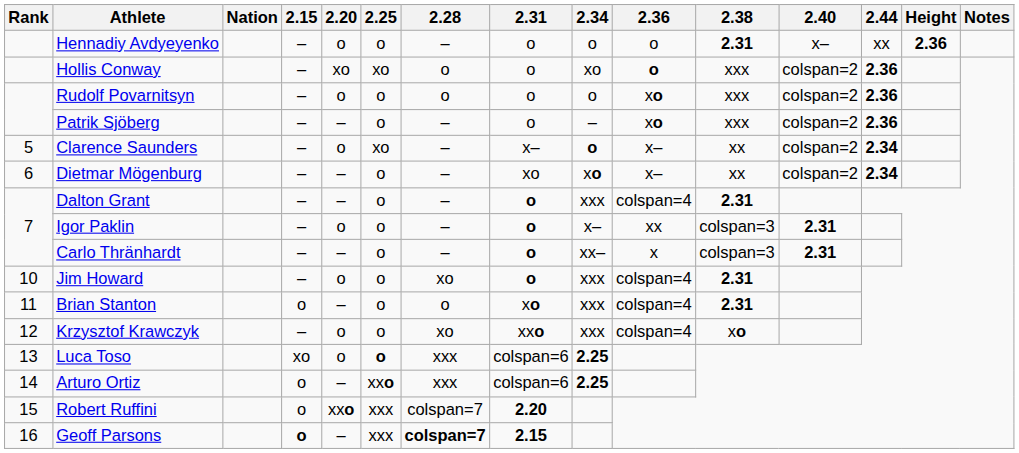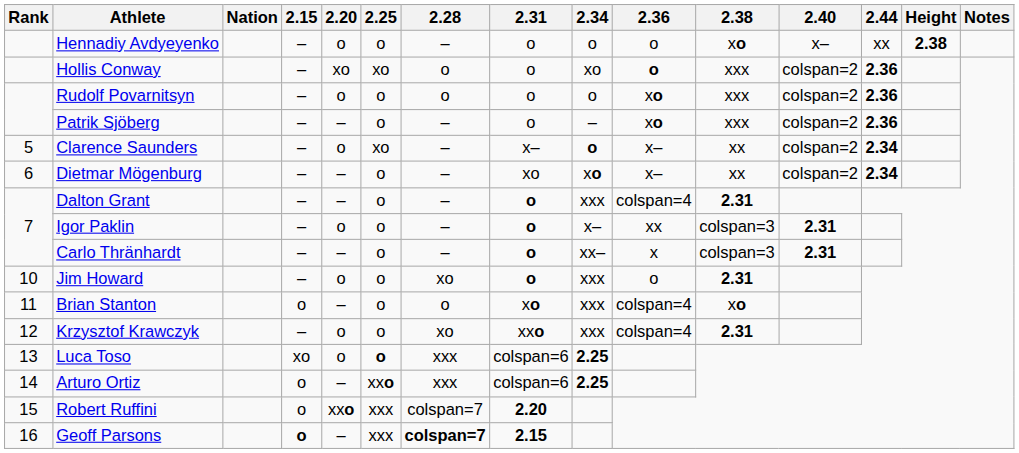 <table class="wikitable sortable" style="text-align:center">
 <tr>
 <th>Rank</th>
 <th>Athlete</th>
 <th>Nation</th>
 <th>2.15</th>
 <th>2.20</th>
 <th>2.25</th>
 <th>2.28</th>
 <th>2.31</th>
 <th>2.34</th>
 <th>2.36</th>
 <th>2.38</th>
 <th>2.40</th>
 <th>2.44</th>
 <th>Height</th>
 <th>Notes</th>
 </tr>
 <tr>
 <td></td>
 <td align="left"><a href='#'>Hennadiy Avdyeyenko</a></td>
 <td align=left></td>
 <td>–</td>
 <td>o</td>
 <td>o</td>
 <td>–</td>
 <td>o</td>
 <td>o</td>
 <td>o</td>
-<td><strong>2.31</strong></td>
+<td>x<strong>o</strong></td>
 <td>x–</td>
 <td>xx</td>
-<td><strong>2.36</strong></td>
+<td><strong>2.38</strong></td>
 <td></td>
 </tr>
 <tr>
 <td></td>
 <td align="left"><a href='#'>Hollis Conway</a></td>
 <td align=left></td>
 <td>–</td>
 <td>xo</td>
 <td>xo</td>
 <td>o</td>
 <td>o</td>
 <td>xo</td>
 <td><strong>o</strong></td>
 <td>xxx</td>
 <td>colspan=2 </td>
 <td><strong>2.36</strong></td>
 <td></td>
 </tr>
 <tr>
 <td rowspan=2></td>
 <td align="left"><a href='#'>Rudolf Povarnitsyn</a></td>
 <td align=left></td>
 <td>–</td>
 <td>o</td>
 <td>o</td>
 <td>o</td>
 <td>o</td>
 <td>o</td>
 <td>x<strong>o</strong></td>
 <td>xxx</td>
 <td>colspan=2 </td>
 <td><strong>2.36</strong></td>
 <td></td>
 </tr>
 <tr>
 <td align="left"><a href='#'>Patrik Sjöberg</a></td>
 <td align=left></td>
 <td>–</td>
 <td>–</td>
 <td>o</td>
 <td>–</td>
 <td>o</td>
 <td>–</td>
 <td>x<strong>o</strong></td>
 <td>xxx</td>
 <td>colspan=2 </td>
 <td><strong>2.36</strong></td>
 <td></td>
 </tr>
 <tr>
 <td>5</td>
 <td align="left"><a href='#'>Clarence Saunders</a></td>
 <td align=left></td>
 <td>–</td>
 <td>o</td>
 <td>xo</td>
 <td>–</td>
 <td>x–</td>
 <td><strong>o</strong></td>
 <td>x–</td>
 <td>xx</td>
 <td>colspan=2 </td>
 <td><strong>2.34</strong></td>
 <td></td>
 </tr>
 <tr>
 <td>6</td>
 <td align="left"><a href='#'>Dietmar Mögenburg</a></td>
 <td align=left></td>
 <td>–</td>
 <td>–</td>
 <td>o</td>
 <td>–</td>
 <td>xo</td>
 <td>x<strong>o</strong></td>
 <td>x–</td>
 <td>xx</td>
 <td>colspan=2 </td>
 <td><strong>2.34</strong></td>
 <td></td>
 </tr>
 <tr>
 <td rowspan=3>7</td>
 <td align="left"><a href='#'>Dalton Grant</a></td>
 <td align=left></td>
 <td>–</td>
 <td>–</td>
 <td>o</td>
 <td>–</td>
 <td><strong>o</strong></td>
 <td>xxx</td>
 <td>colspan=4 </td>
 <td><strong>2.31</strong></td>
 <td></td>
 </tr>
 <tr>
 <td align="left"><a href='#'>Igor Paklin</a></td>
 <td align=left></td>
 <td>–</td>
 <td>o</td>
 <td>o</td>
 <td>–</td>
 <td><strong>o</strong></td>
 <td>x–</td>
 <td>xx</td>
 <td>colspan=3 </td>
 <td><strong>2.31</strong></td>
 <td></td>
 </tr>
 <tr>
 <td align="left"><a href='#'>Carlo Thränhardt</a></td>
 <td align=left></td>
 <td>–</td>
 <td>–</td>
 <td>o</td>
 <td>–</td>
 <td><strong>o</strong></td>
 <td>xx–</td>
 <td>x</td>
 <td>colspan=3 </td>
 <td><strong>2.31</strong></td>
 <td></td>
 </tr>
 <tr>
 <td>10</td>
 <td align="left"><a href='#'>Jim Howard</a></td>
 <td align=left></td>
 <td>–</td>
 <td>o</td>
 <td>o</td>
 <td>xo</td>
 <td><strong>o</strong></td>
 <td>xxx</td>
-<td>colspan=4 </td>
+<td>o</td>
 <td><strong>2.31</strong></td>
 <td></td>
 </tr>
 <tr>
 <td>11</td>
 <td align="left"><a href='#'>Brian Stanton</a></td>
 <td align=left></td>
 <td>o</td>
 <td>–</td>
 <td>o</td>
 <td>o</td>
 <td>x<strong>o</strong></td>
 <td>xxx</td>
 <td>colspan=4 </td>
-<td><strong>2.31</strong></td>
+<td>x<strong>o</strong></td>
 <td></td>
 </tr>
 <tr>
 <td>12</td>
 <td align="left"><a href='#'>Krzysztof Krawczyk</a></td>
 <td align=left></td>
 <td>–</td>
 <td>o</td>
 <td>o</td>
 <td>xo</td>
 <td>xx<strong>o</strong></td>
 <td>xxx</td>
 <td>colspan=4 </td>
-<td>x<strong>o</strong></td>
+<td><strong>2.31</strong></td>
 <td></td>
 </tr>
 <tr>
 <td>13</td>
 <td align="left"><a href='#'>Luca Toso</a></td>
 <td align=left></td>
 <td>xo</td>
 <td>o</td>
 <td><strong>o</strong></td>
 <td>xxx</td>
 <td>colspan=6 </td>
 <td><strong>2.25</strong></td>
 <td></td>
 </tr>
 <tr>
 <td>14</td>
 <td align="left"><a href='#'>Arturo Ortiz</a></td>
 <td align=left></td>
 <td>o</td>
 <td>–</td>
 <td>xx<strong>o</strong></td>
 <td>xxx</td>
 <td>colspan=6 </td>
 <td><strong>2.25</strong></td>
 <td></td>
 </tr>
 <tr>
 <td>15</td>
 <td align="left"><a href='#'>Robert Ruffini</a></td>
 <td align=left></td>
 <td>o</td>
 <td>xx<strong>o</strong></td>
 <td>xxx</td>
 <td>colspan=7 </td>
 <td><strong>2.20</strong></td>
 <td></td>
 </tr>
 <tr>
 <td>16</td>
 <td align="left"><a href='#'>Geoff Parsons</a></td>
 <td align=left></td>
 <td><strong>o</strong></td>
 <td>–</td>
 <td>xxx</td>
 <td><strong>colspan=7 </strong></td>
 <td><strong>2.15</strong></td>
 <td></td>
 </tr>
 </table>
